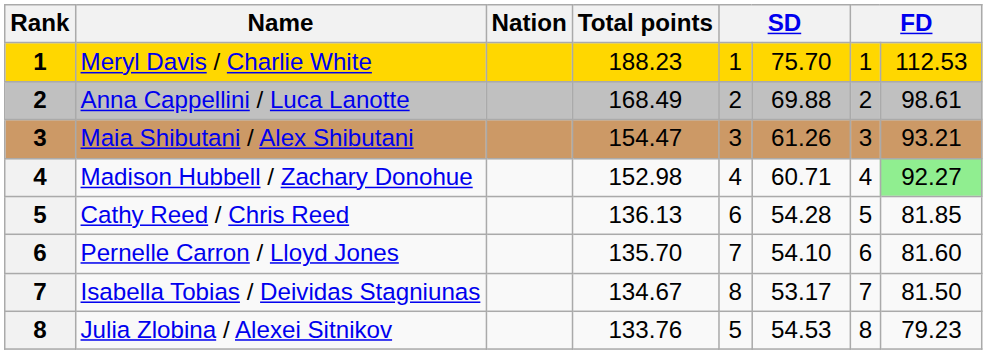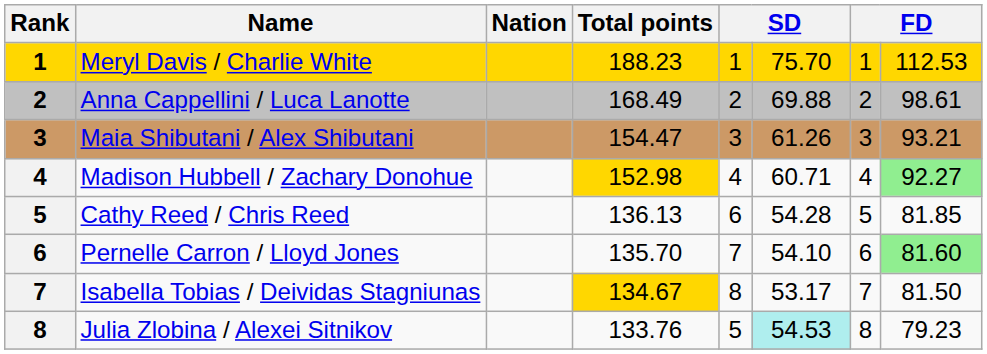 <table class="wikitable sortable">
 <tr>
 <th>Rank</th>
 <th>Name</th>
 <th>Nation</th>
 <th>Total points</th>
 <th colspan="2" style="width:80px;"><a href='#'>SD</a></th>
 <th colspan="2" style="width:80px;"><a href='#'>FD</a></th>
 </tr>
 <tr style="background:gold;">
 <td style="text-align:center;"><strong>1</strong></td>
 <td><a href='#'>Meryl Davis</a> / <a href='#'>Charlie White</a></td>
 <td></td>
 <td style="text-align:center;">188.23</td>
 <td style="text-align:center;">1</td>
 <td style="text-align:center;">75.70</td>
 <td style="text-align:center;">1</td>
 <td style="text-align:center;">112.53</td>
 </tr>
 <tr style="background:silver;">
 <td style="text-align:center;"><strong>2</strong></td>
 <td><a href='#'>Anna Cappellini</a> / <a href='#'>Luca Lanotte</a></td>
 <td></td>
 <td style="text-align:center;">168.49</td>
 <td style="text-align:center;">2</td>
 <td style="text-align:center;">69.88</td>
 <td style="text-align:center;">2</td>
 <td style="text-align:center;">98.61</td>
 </tr>
 <tr style="background:#c96;">
 <td style="text-align:center;"><strong>3</strong></td>
 <td><a href='#'>Maia Shibutani</a> / <a href='#'>Alex Shibutani</a></td>
 <td></td>
 <td style="text-align:center;">154.47</td>
 <td style="text-align:center;">3</td>
 <td style="text-align:center;">61.26</td>
 <td style="text-align:center;">3</td>
 <td style="text-align:center;">93.21</td>
 </tr>
 <tr>
 <th>4</th>
 <td><a href='#'>Madison Hubbell</a> / <a href='#'>Zachary Donohue</a></td>
 <td></td>
-<td style="text-align:center;">152.98</td>
+<td style="background: gold; text-align:center;">152.98</td>
 <td style="text-align:center;">4</td>
 <td style="text-align:center;">60.71</td>
 <td style="text-align:center;">4</td>
 <td style="background: lightgreen; text-align:center;">92.27</td>
 </tr>
 <tr>
 <th>5</th>
 <td><a href='#'>Cathy Reed</a> / <a href='#'>Chris Reed</a></td>
 <td></td>
 <td style="text-align:center;">136.13</td>
 <td style="text-align:center;">6</td>
 <td style="text-align:center;">54.28</td>
 <td style="text-align:center;">5</td>
 <td style="text-align:center;">81.85</td>
 </tr>
 <tr>
 <th>6</th>
 <td><a href='#'>Pernelle Carron</a> / <a href='#'>Lloyd Jones</a></td>
 <td></td>
 <td style="text-align:center;">135.70</td>
 <td style="text-align:center;">7</td>
 <td style="text-align:center;">54.10</td>
 <td style="text-align:center;">6</td>
-<td style="text-align:center;">81.60</td>
+<td style="background: lightgreen; text-align:center;">81.60</td>
 </tr>
 <tr>
 <th>7</th>
 <td><a href='#'>Isabella Tobias</a> / <a href='#'>Deividas Stagniunas</a></td>
 <td></td>
-<td style="text-align:center;">134.67</td>
+<td style="background: gold; text-align:center;">134.67</td>
 <td style="text-align:center;">8</td>
 <td style="text-align:center;">53.17</td>
 <td style="text-align:center;">7</td>
 <td style="text-align:center;">81.50</td>
 </tr>
 <tr>
 <th>8</th>
 <td><a href='#'>Julia Zlobina</a> / <a href='#'>Alexei Sitnikov</a></td>
 <td></td>
 <td style="text-align:center;">133.76</td>
 <td style="text-align:center;">5</td>
-<td style="text-align:center;">54.53</td>
+<td style="background: paleturquoise; text-align:center;">54.53</td>
 <td style="text-align:center;">8</td>
 <td style="text-align:center;">79.23</td>
 </tr>
 </table>
